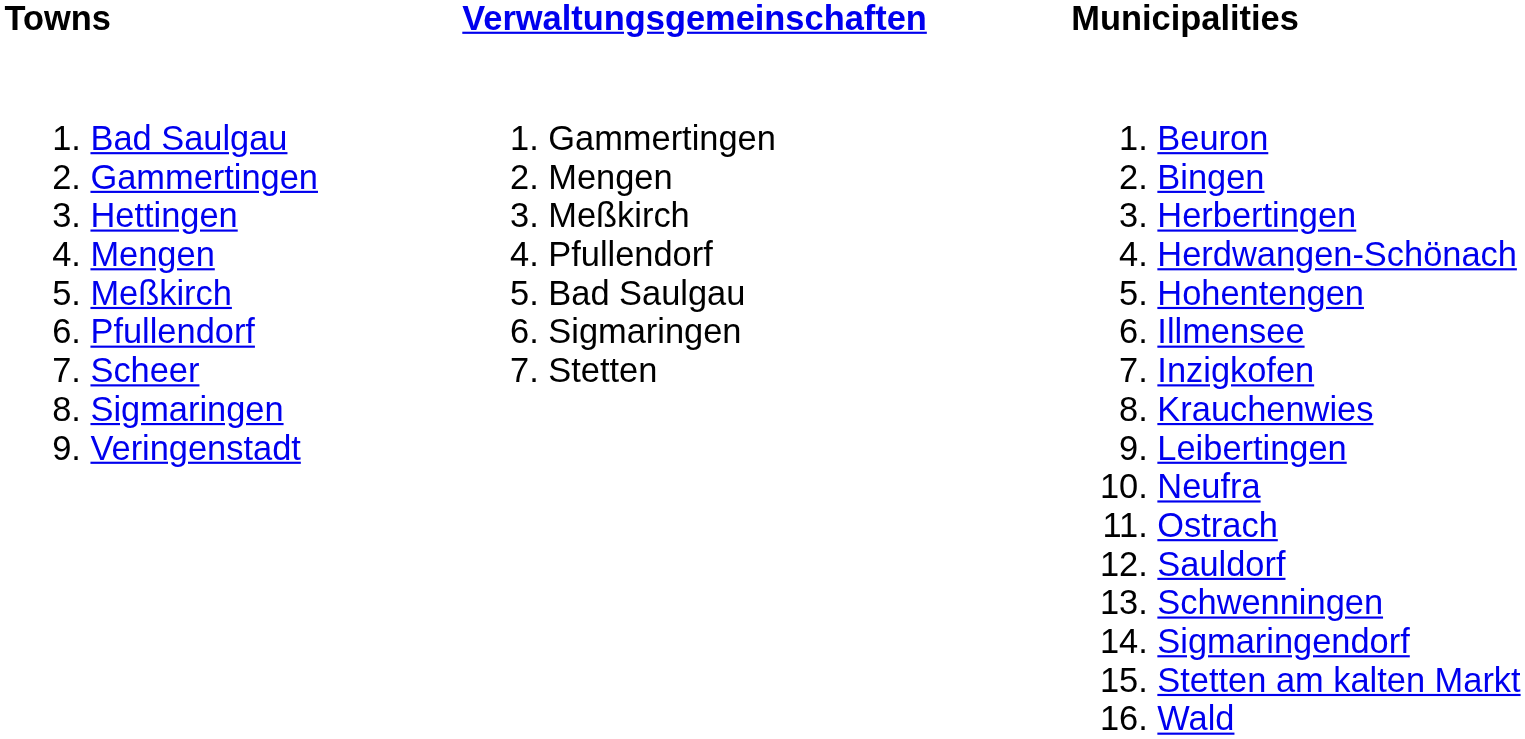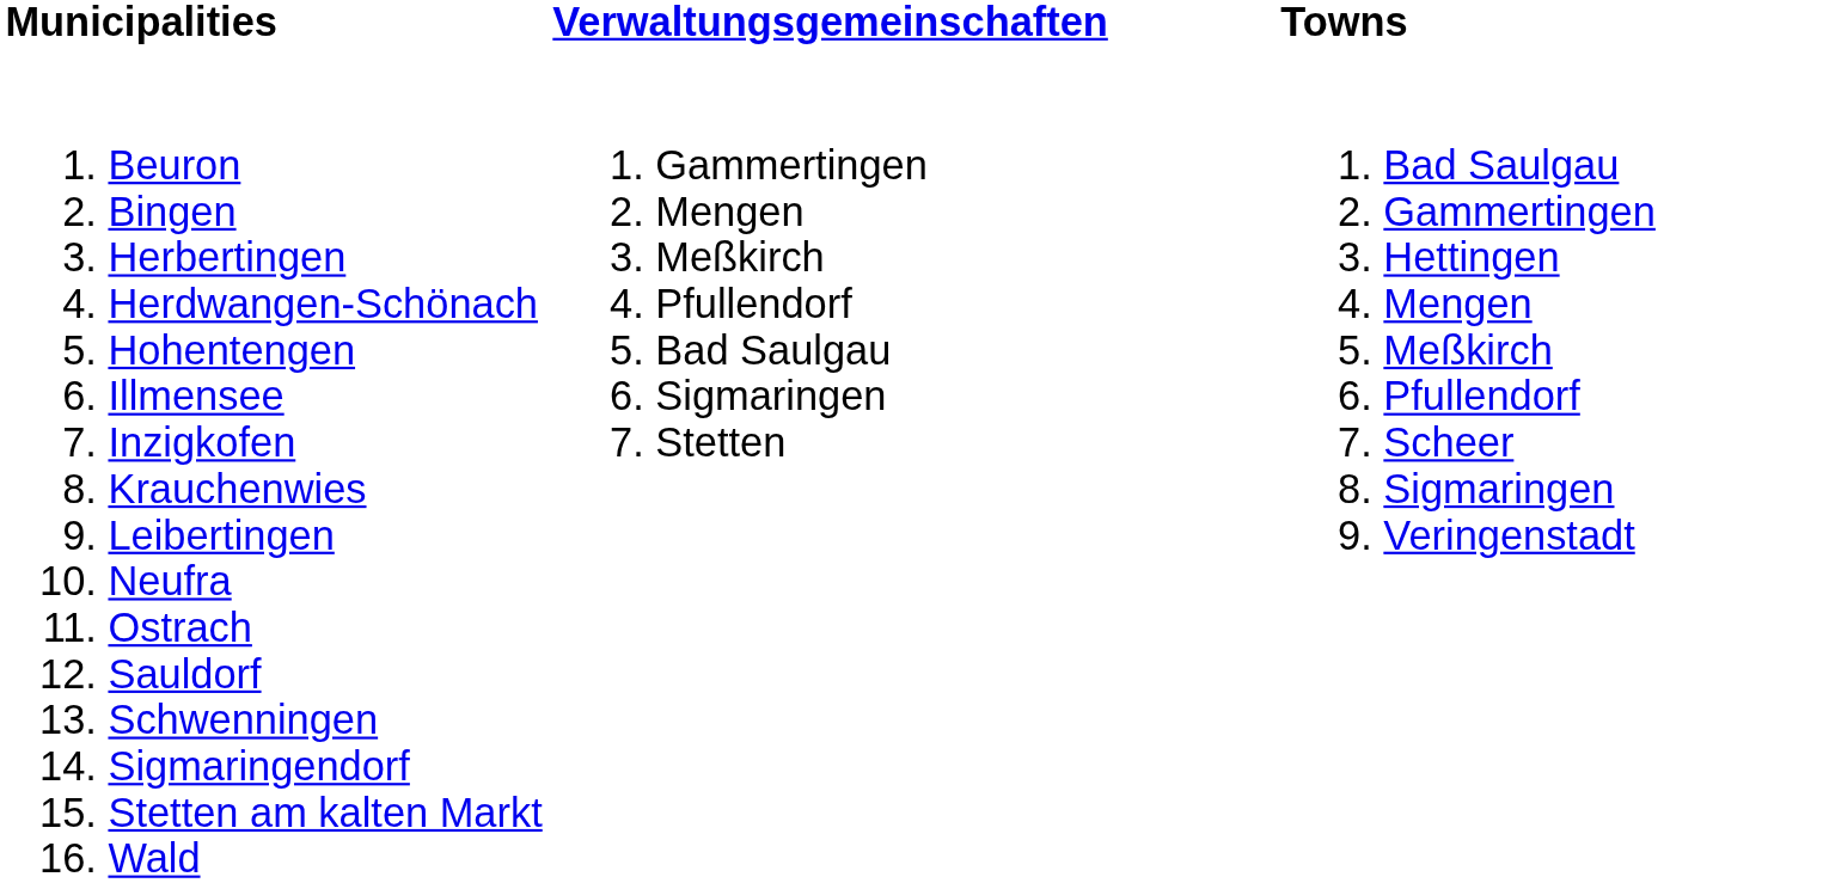 <table>
 <tr>
+<th width=30% align=left>Municipalities</th>
+<th width=40% align=left><a href='#'>Verwaltungsgemeinschaften</a></th>
 <th width=30% align=left>Towns</th>
-<th width=40% align=left><a href='#'>Verwaltungsgemeinschaften</a></th>
-<th width=30% align=left>Municipalities</th>
 </tr>
 <tr valign=top>
+<td><br><ol><li><a href='#'>Beuron</a></li><li><a href='#'>Bingen</a></li><li><a href='#'>Herbertingen</a></li><li><a href='#'>Herdwangen-Schönach</a></li><li><a href='#'>Hohentengen</a></li><li><a href='#'>Illmensee</a></li><li><a href='#'>Inzigkofen</a></li><li><a href='#'>Krauchenwies</a></li><li><a href='#'>Leibertingen</a></li><li><a href='#'>Neufra</a></li><li><a href='#'>Ostrach</a></li><li><a href='#'>Sauldorf</a></li><li><a href='#'>Schwenningen</a></li><li><a href='#'>Sigmaringendorf</a></li><li><a href='#'>Stetten am kalten Markt</a></li><li><a href='#'>Wald</a></li></ol></td>
+<td><br><ol><li>Gammertingen</li><li>Mengen</li><li>Meßkirch</li><li>Pfullendorf</li><li>Bad Saulgau</li><li>Sigmaringen</li><li>Stetten</li></ol></td>
 <td><br><ol><li><a href='#'>Bad Saulgau</a></li><li><a href='#'>Gammertingen</a></li><li><a href='#'>Hettingen</a></li><li><a href='#'>Mengen</a></li><li><a href='#'>Meßkirch</a></li><li><a href='#'>Pfullendorf</a></li><li><a href='#'>Scheer</a></li><li><a href='#'>Sigmaringen</a></li><li><a href='#'>Veringenstadt</a></li></ol></td>
-<td><br><ol><li>Gammertingen</li><li>Mengen</li><li>Meßkirch</li><li>Pfullendorf</li><li>Bad Saulgau</li><li>Sigmaringen</li><li>Stetten</li></ol></td>
-<td><br><ol><li><a href='#'>Beuron</a></li><li><a href='#'>Bingen</a></li><li><a href='#'>Herbertingen</a></li><li><a href='#'>Herdwangen-Schönach</a></li><li><a href='#'>Hohentengen</a></li><li><a href='#'>Illmensee</a></li><li><a href='#'>Inzigkofen</a></li><li><a href='#'>Krauchenwies</a></li><li><a href='#'>Leibertingen</a></li><li><a href='#'>Neufra</a></li><li><a href='#'>Ostrach</a></li><li><a href='#'>Sauldorf</a></li><li><a href='#'>Schwenningen</a></li><li><a href='#'>Sigmaringendorf</a></li><li><a href='#'>Stetten am kalten Markt</a></li><li><a href='#'>Wald</a></li></ol></td>
 </tr>
 </table>
